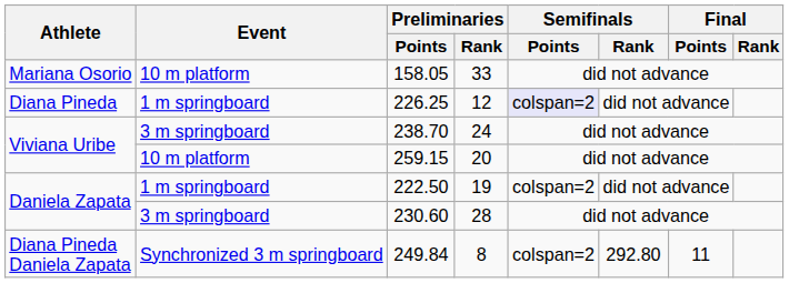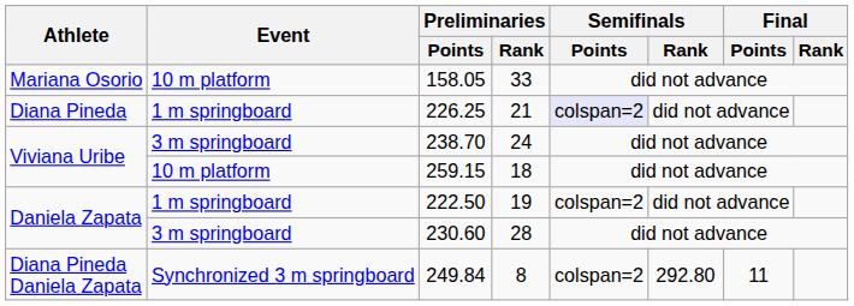 <table class="wikitable" style="text-align:center; font-size:90%">
 <tr>
 <th rowspan="2">Athlete</th>
 <th rowspan="2">Event</th>
 <th colspan="2">Preliminaries</th>
 <th colspan="2">Semifinals</th>
 <th colspan="2">Final</th>
 </tr>
 <tr style="font-size:95%">
 <th>Points</th>
 <th>Rank</th>
 <th>Points</th>
 <th>Rank</th>
 <th>Points</th>
 <th>Rank</th>
 </tr>
 <tr>
 <td align=left><a href='#'>Mariana Osorio</a></td>
 <td align=left><a href='#'>10 m platform</a></td>
 <td>158.05</td>
 <td>33</td>
 <td colspan=4>did not advance</td>
 </tr>
 <tr>
 <td align=left><a href='#'>Diana Pineda</a></td>
 <td align=left><a href='#'>1 m springboard</a></td>
 <td>226.25</td>
-<td>12</td>
+<td>21</td>
 <td style="background: lavender;">colspan=2 </td>
 <td colspan=2>did not advance</td>
 </tr>
 <tr>
 <td align=left rowspan=2><a href='#'>Viviana Uribe</a></td>
 <td align=left><a href='#'>3 m springboard</a></td>
 <td>238.70</td>
 <td>24</td>
 <td colspan=4>did not advance</td>
 </tr>
 <tr>
 <td align=left><a href='#'>10 m platform</a></td>
 <td>259.15</td>
-<td>20</td>
+<td>18</td>
 <td colspan=4>did not advance</td>
 </tr>
 <tr>
 <td align=left rowspan=2><a href='#'>Daniela Zapata</a></td>
 <td align=left><a href='#'>1 m springboard</a></td>
 <td>222.50</td>
 <td>19</td>
 <td>colspan=2 </td>
 <td colspan=2>did not advance</td>
 </tr>
 <tr>
 <td align=left><a href='#'>3 m springboard</a></td>
 <td>230.60</td>
 <td>28</td>
 <td colspan=4>did not advance</td>
 </tr>
 <tr>
 <td align=left><a href='#'>Diana Pineda</a> <br><a href='#'>Daniela Zapata</a></td>
 <td align=left><a href='#'>Synchronized 3 m springboard</a></td>
 <td>249.84</td>
 <td>8</td>
 <td>colspan=2 </td>
 <td>292.80</td>
 <td>11</td>
 </tr>
 </table>
